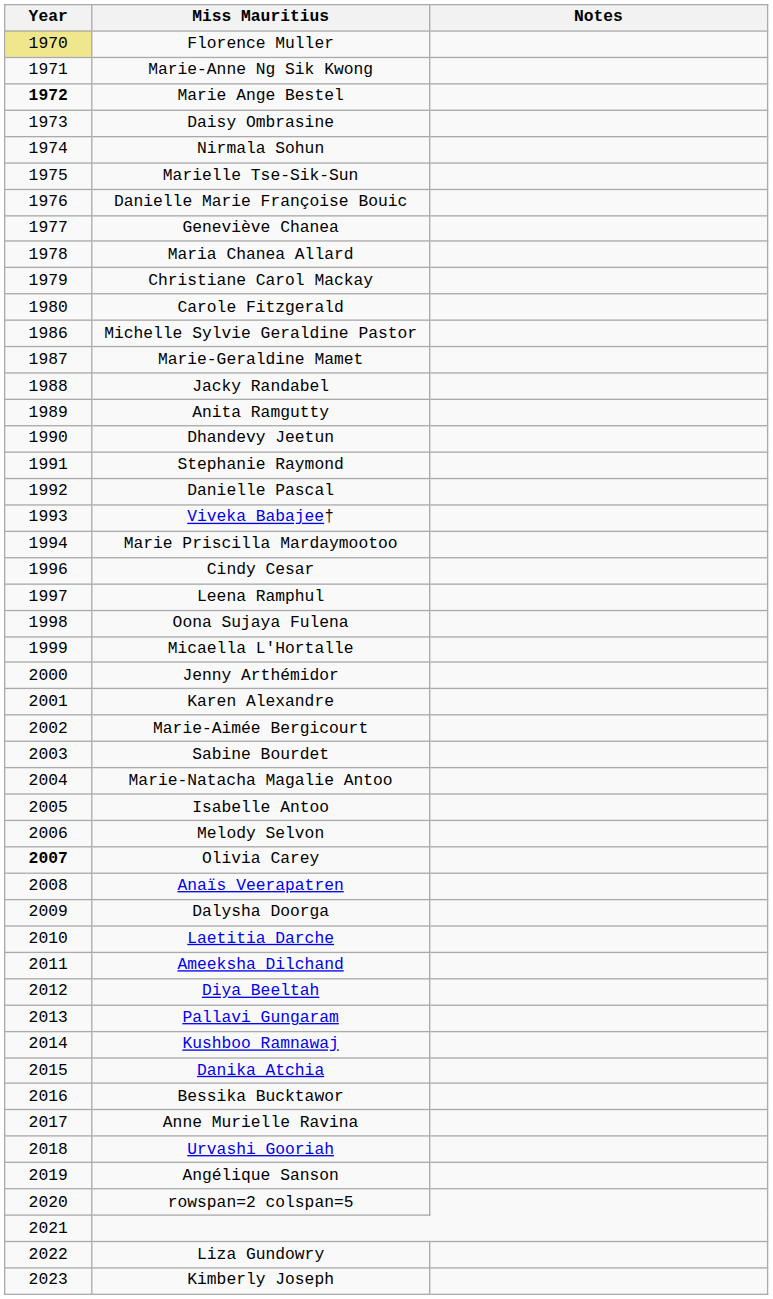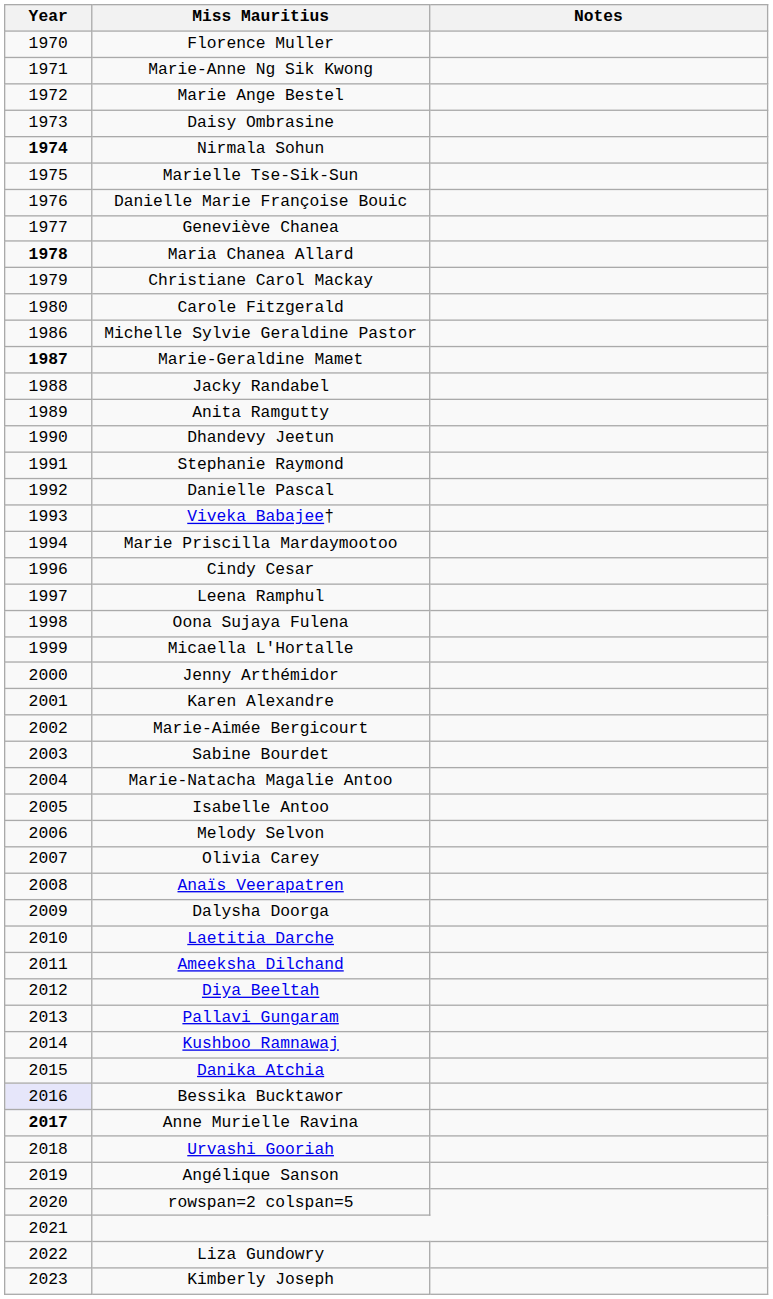 <table class="wikitable sortable" style="font-size: 95%; text-align:center">
 <tr>
 <th width="60">Year</th>
 <th width="250">Miss Mauritius</th>
 <th width="250">Notes</th>
 </tr>
 <tr>
-<td style="background: khaki;">1970</td>
+<td>1970</td>
 <td>Florence Muller</td>
 <td></td>
 </tr>
 <tr>
 <td>1971</td>
 <td>Marie-Anne Ng Sik Kwong</td>
 <td></td>
 </tr>
 <tr>
-<td><strong>1972</strong></td>
+<td>1972</td>
 <td>Marie Ange Bestel</td>
 <td></td>
 </tr>
 <tr>
 <td>1973</td>
 <td>Daisy Ombrasine</td>
 <td></td>
 </tr>
 <tr>
-<td>1974</td>
+<td><strong>1974</strong></td>
 <td>Nirmala Sohun</td>
 <td></td>
 </tr>
 <tr>
 <td>1975</td>
 <td>Marielle Tse-Sik-Sun</td>
 <td></td>
 </tr>
 <tr>
 <td>1976</td>
 <td>Danielle Marie Françoise Bouic</td>
 <td></td>
 </tr>
 <tr>
 <td>1977</td>
 <td>Geneviève Chanea</td>
 <td></td>
 </tr>
 <tr>
-<td>1978</td>
+<td><strong>1978</strong></td>
 <td>Maria Chanea Allard</td>
 <td></td>
 </tr>
 <tr>
 <td>1979</td>
 <td>Christiane Carol Mackay</td>
 <td></td>
 </tr>
 <tr>
 <td>1980</td>
 <td>Carole Fitzgerald</td>
 <td></td>
 </tr>
 <tr>
 <td>1986</td>
 <td>Michelle Sylvie Geraldine Pastor</td>
 <td></td>
 </tr>
 <tr>
-<td>1987</td>
+<td><strong>1987</strong></td>
 <td>Marie-Geraldine Mamet</td>
 <td></td>
 </tr>
 <tr>
 <td>1988</td>
 <td>Jacky Randabel</td>
 <td></td>
 </tr>
 <tr>
 <td>1989</td>
 <td>Anita Ramgutty</td>
 <td></td>
 </tr>
 <tr>
 <td>1990</td>
 <td>Dhandevy Jeetun</td>
 <td></td>
 </tr>
 <tr>
 <td>1991</td>
 <td>Stephanie Raymond</td>
 <td></td>
 </tr>
 <tr>
 <td>1992</td>
 <td>Danielle Pascal</td>
 <td></td>
 </tr>
 <tr>
 <td>1993</td>
 <td><a href='#'>Viveka Babajee</a>†</td>
 <td></td>
 </tr>
 <tr>
 <td>1994</td>
 <td>Marie Priscilla Mardaymootoo</td>
 <td></td>
 </tr>
 <tr>
 <td>1996</td>
 <td>Cindy Cesar</td>
 <td></td>
 </tr>
 <tr>
 <td>1997</td>
 <td>Leena Ramphul</td>
 <td></td>
 </tr>
 <tr>
 <td>1998</td>
 <td>Oona Sujaya Fulena</td>
 <td></td>
 </tr>
 <tr>
 <td>1999</td>
 <td>Micaella L'Hortalle</td>
 <td></td>
 </tr>
 <tr>
 <td>2000</td>
 <td>Jenny Arthémidor</td>
 <td></td>
 </tr>
 <tr>
 <td>2001</td>
 <td>Karen Alexandre</td>
 <td></td>
 </tr>
 <tr>
 <td>2002</td>
 <td>Marie-Aimée Bergicourt</td>
 <td></td>
 </tr>
 <tr>
 <td>2003</td>
 <td>Sabine Bourdet</td>
 <td></td>
 </tr>
 <tr>
 <td>2004</td>
 <td>Marie-Natacha Magalie Antoo</td>
 <td></td>
 </tr>
 <tr>
 <td>2005</td>
 <td>Isabelle Antoo</td>
 <td></td>
 </tr>
 <tr>
 <td>2006</td>
 <td>Melody Selvon</td>
 <td></td>
 </tr>
 <tr>
-<td><strong>2007</strong></td>
+<td>2007</td>
 <td>Olivia Carey</td>
 <td></td>
 </tr>
 <tr>
 <td>2008</td>
 <td><a href='#'>Anaïs Veerapatren</a></td>
 <td></td>
 </tr>
 <tr>
 <td>2009</td>
 <td>Dalysha Doorga</td>
 <td></td>
 </tr>
 <tr>
 <td>2010</td>
 <td><a href='#'>Laetitia Darche</a></td>
 <td></td>
 </tr>
 <tr>
 <td>2011</td>
 <td><a href='#'>Ameeksha Dilchand</a></td>
 <td></td>
 </tr>
 <tr>
 <td>2012</td>
 <td><a href='#'>Diya Beeltah</a></td>
 <td></td>
 </tr>
 <tr>
 <td>2013</td>
 <td><a href='#'>Pallavi Gungaram</a></td>
 <td></td>
 </tr>
 <tr>
 <td>2014</td>
 <td><a href='#'>Kushboo Ramnawaj</a></td>
 <td></td>
 </tr>
 <tr>
 <td>2015</td>
 <td><a href='#'>Danika Atchia</a></td>
 <td></td>
 </tr>
 <tr>
-<td>2016</td>
+<td style="background: lavender;">2016</td>
 <td>Bessika Bucktawor</td>
 <td></td>
 </tr>
 <tr>
-<td>2017</td>
+<td><strong>2017</strong></td>
 <td>Anne Murielle Ravina</td>
 <td></td>
 </tr>
 <tr>
 <td>2018</td>
 <td><a href='#'>Urvashi Gooriah</a></td>
 <td></td>
 </tr>
 <tr>
 <td>2019</td>
 <td>Angélique Sanson</td>
 <td></td>
 </tr>
 <tr>
 <td>2020</td>
 <td>rowspan=2 colspan=5 </td>
 </tr>
 <tr>
 <td>2021</td>
 </tr>
 <tr>
 <td>2022</td>
 <td>Liza Gundowry</td>
 <td></td>
 </tr>
 <tr>
 <td>2023</td>
 <td>Kimberly Joseph</td>
 <td></td>
 </tr>
 </table>
